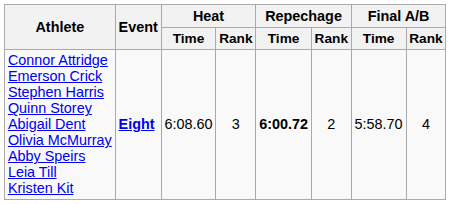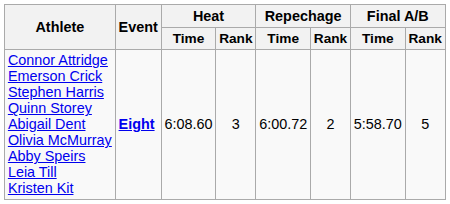 <table class=wikitable style=font-size:90%;text-align:center>
 <tr>
 <th rowspan=2>Athlete</th>
 <th rowspan=2>Event</th>
 <th colspan=2>Heat</th>
 <th colspan=2>Repechage</th>
 <th colspan=2>Final A/B</th>
 </tr>
 <tr style=font-size:95%>
 <th>Time</th>
 <th>Rank</th>
 <th>Time</th>
 <th>Rank</th>
 <th>Time</th>
 <th>Rank</th>
 </tr>
 <tr>
 <td align=left><a href='#'>Connor Attridge</a><br><a href='#'>Emerson Crick</a><br><a href='#'>Stephen Harris</a><br><a href='#'>Quinn Storey</a><br><a href='#'>Abigail Dent</a><br><a href='#'>Olivia McMurray</a><br><a href='#'>Abby Speirs</a><br><a href='#'>Leia Till</a><br><a href='#'>Kristen Kit</a> </td>
 <td align=left><strong><a href='#'>Eight</a></strong></td>
 <td>6:08.60</td>
 <td>3 <strong></strong></td>
-<td><strong>6:00.72</strong></td>
+<td>6:00.72</td>
 <td>2 <strong></strong></td>
 <td>5:58.70</td>
-<td>4</td>
+<td>5</td>
 </tr>
 </table>
